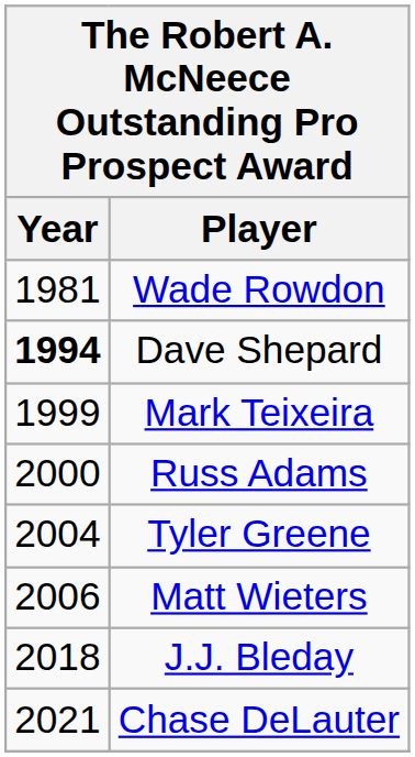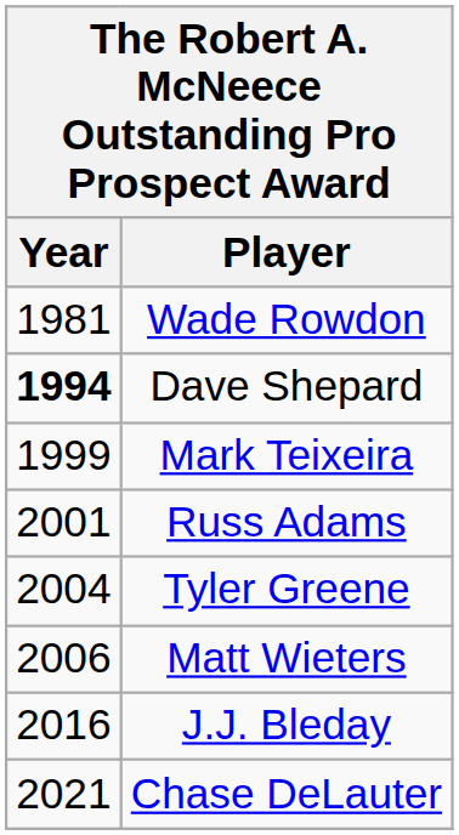 <table class="wikitable" style="display: inline-table; margin-right: 20px; text-align:center">
 <tr>
 <th scope="col" colspan="2" style="width: 145px;">The Robert A. McNeece Outstanding Pro Prospect Award</th>
 </tr>
 <tr>
 <th scope="col">Year</th>
 <th scope="col">Player</th>
 </tr>
 <tr>
 <td>1981</td>
 <td><a href='#'>Wade Rowdon</a></td>
 </tr>
 <tr>
 <td><strong>1994</strong></td>
 <td>Dave Shepard</td>
 </tr>
 <tr>
 <td>1999</td>
 <td><a href='#'>Mark Teixeira</a></td>
 </tr>
 <tr>
-<td>2000</td>
+<td>2001</td>
 <td><a href='#'>Russ Adams</a></td>
 </tr>
 <tr>
 <td>2004</td>
 <td><a href='#'>Tyler Greene</a></td>
 </tr>
 <tr>
 <td>2006</td>
 <td><a href='#'>Matt Wieters</a></td>
 </tr>
 <tr>
-<td>2018</td>
+<td>2016</td>
 <td><a href='#'>J.J. Bleday</a></td>
 </tr>
 <tr>
 <td>2021</td>
 <td><a href='#'>Chase DeLauter</a></td>
 </tr>
 <tr>
 </tr>
 </table>
